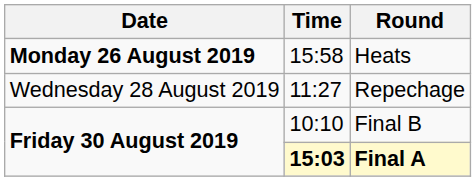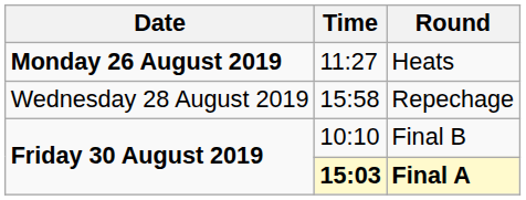 <table class="wikitable">
 <tr>
 <th>Date</th>
 <th>Time</th>
 <th>Round</th>
 </tr>
 <tr>
 <td><strong>Monday 26 August 2019</strong></td>
-<td>15:58</td>
+<td>11:27</td>
 <td>Heats</td>
 </tr>
 <tr>
 <td>Wednesday 28 August 2019</td>
-<td>11:27</td>
+<td>15:58</td>
 <td>Repechage</td>
 </tr>
 <tr>
 <td rowspan=2><strong>Friday 30 August 2019</strong></td>
 <td>10:10</td>
 <td>Final B</td>
 </tr>
 <tr>
 <td style=background:lemonchiffon><strong>15:03</strong></td>
 <td style=background:lemonchiffon><strong>Final A</strong></td>
 </tr>
 </table>
